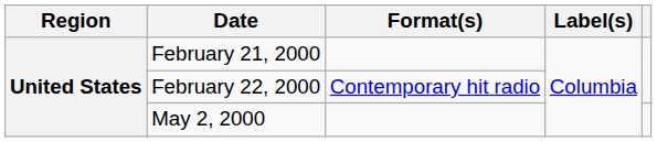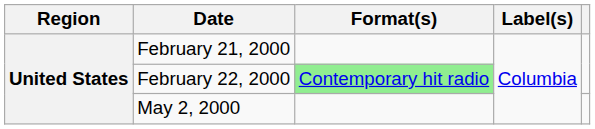 <table class="wikitable plainrowheaders">
 <tr>
 <th scope="col">Region</th>
 <th scope="col">Date</th>
 <th scope="col">Format(s)</th>
 <th scope="col">Label(s)</th>
 <th scope="col"></th>
 </tr>
 <tr>
 <th rowspan="3" scope="row">United States</th>
 <td>February 21, 2000</td>
 <td></td>
 <td rowspan="3"><a href='#'>Columbia</a></td>
 <td rowspan="2"></td>
 </tr>
 <tr>
 <td>February 22, 2000</td>
-<td><a href='#'>Contemporary hit radio</a></td>
+<td style="background: lightgreen;"><a href='#'>Contemporary hit radio</a></td>
 </tr>
 <tr>
 <td>May 2, 2000</td>
 <td></td>
 <td></td>
 </tr>
 </table>
